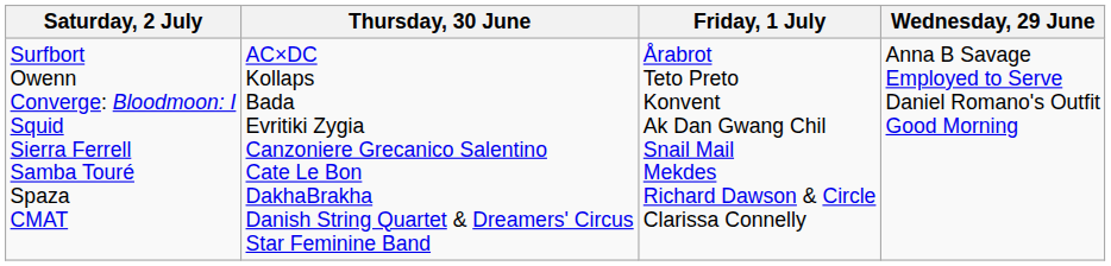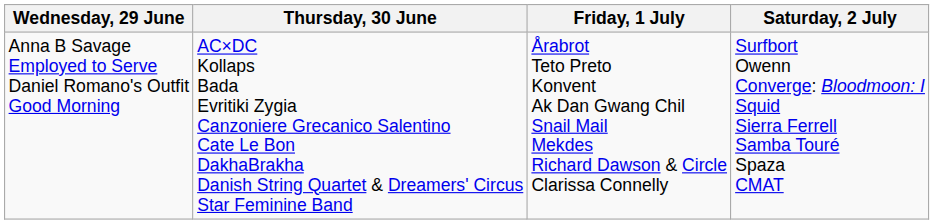 <table class="wikitable">
 <tr>
-<th>Saturday, 2 July</th>
+<th>Wednesday, 29 June</th>
 <th>Thursday, 30 June</th>
 <th>Friday, 1 July</th>
-<th>Wednesday, 29 June</th>
+<th>Saturday, 2 July</th>
 </tr>
 <tr valign="top">
-<td><a href='#'>Surfbort</a><br>Owenn<br><a href='#'>Converge</a>: <em><a href='#'>Bloodmoon: I</a></em><br><a href='#'>Squid</a><br><a href='#'>Sierra Ferrell</a><br><a href='#'>Samba Touré</a><br>Spaza<br><a href='#'>CMAT</a></td>
+<td>Anna B Savage<br><a href='#'>Employed to Serve</a><br>Daniel Romano's Outfit<br><a href='#'>Good Morning</a></td>
 <td><a href='#'>AC×DC</a><br>Kollaps<br>Bada<br>Evritiki Zygia<br><a href='#'>Canzoniere Grecanico Salentino</a><br><a href='#'>Cate Le Bon</a><br><a href='#'>DakhaBrakha</a><br><a href='#'>Danish String Quartet</a> & <a href='#'>Dreamers' Circus</a><br><a href='#'>Star Feminine Band</a></td>
 <td><a href='#'>Årabrot</a><br>Teto Preto<br>Konvent<br>Ak Dan Gwang Chil<br><a href='#'>Snail Mail</a><br><a href='#'>Mekdes</a><br><a href='#'>Richard Dawson</a> & <a href='#'>Circle</a><br>Clarissa Connelly</td>
-<td>Anna B Savage<br><a href='#'>Employed to Serve</a><br>Daniel Romano's Outfit<br><a href='#'>Good Morning</a></td>
+<td><a href='#'>Surfbort</a><br>Owenn<br><a href='#'>Converge</a>: <em><a href='#'>Bloodmoon: I</a></em><br><a href='#'>Squid</a><br><a href='#'>Sierra Ferrell</a><br><a href='#'>Samba Touré</a><br>Spaza<br><a href='#'>CMAT</a></td>
 </tr>
 </table>
